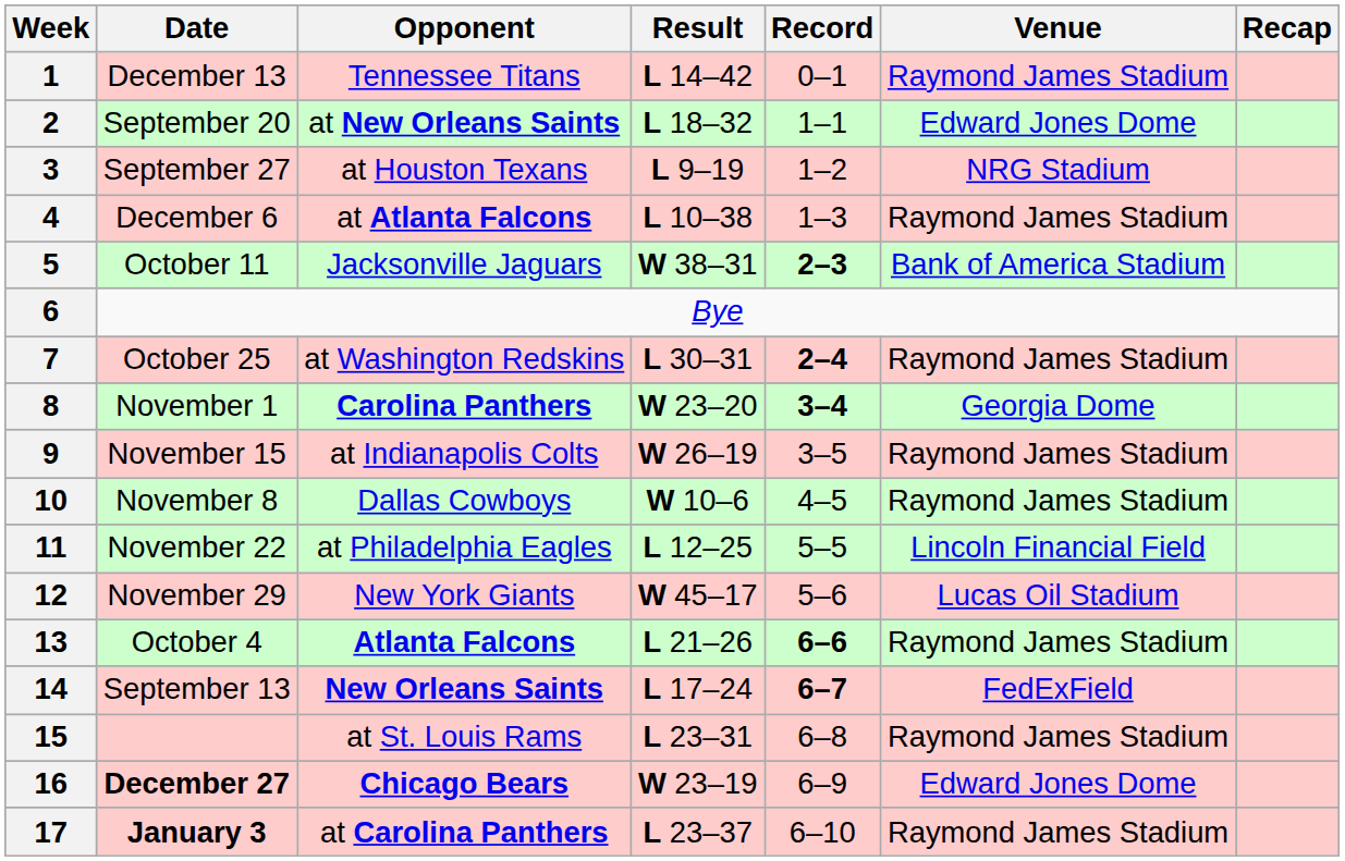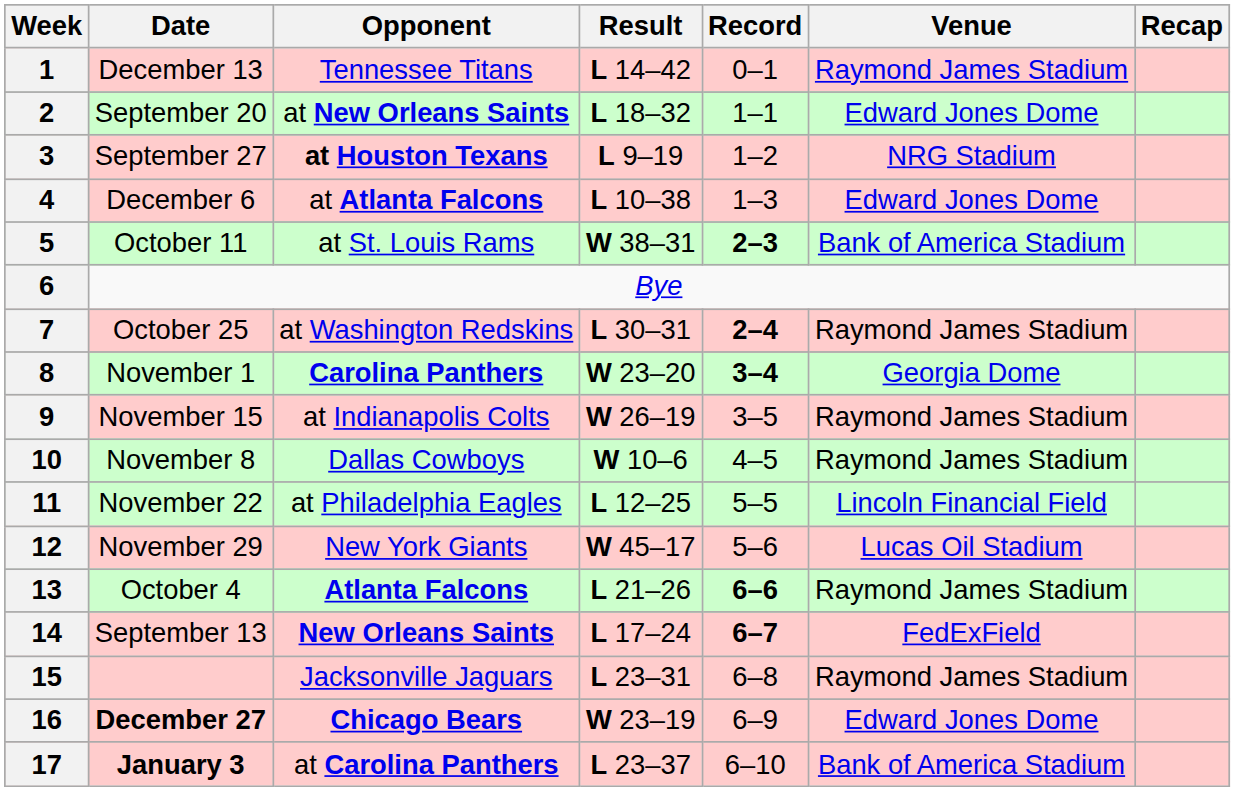 <table class="wikitable" style="text-align:center">
 <tr>
 <th>Week</th>
 <th>Date</th>
 <th>Opponent</th>
 <th>Result</th>
 <th>Record</th>
 <th>Venue</th>
 <th>Recap</th>
 </tr>
 <tr style="background:#fcc">
 <th>1</th>
 <td>December 13</td>
 <td><a href='#'>Tennessee Titans</a></td>
 <td><strong>L</strong> 14–42</td>
 <td>0–1</td>
 <td><a href='#'>Raymond James Stadium</a></td>
 <td></td>
 </tr>
 <tr style="background:#cfc">
 <th>2</th>
 <td>September 20</td>
 <td>at <strong><a href='#'>New Orleans Saints</a></strong></td>
 <td><strong>L</strong> 18–32</td>
 <td>1–1</td>
 <td><a href='#'>Edward Jones Dome</a></td>
 <td></td>
 </tr>
 <tr style="background:#fcc">
 <th>3</th>
 <td>September 27</td>
-<td>at <a href='#'>Houston Texans</a></td>
+<td><strong>at <a href='#'>Houston Texans</a></strong></td>
 <td><strong>L</strong> 9–19</td>
 <td>1–2</td>
 <td><a href='#'>NRG Stadium</a></td>
 <td></td>
 </tr>
 <tr style="background:#fcc">
 <th>4</th>
 <td>December 6</td>
 <td>at <strong><a href='#'>Atlanta Falcons</a></strong></td>
 <td><strong>L</strong> 10–38</td>
 <td>1–3</td>
-<td>Raymond James Stadium</td>
+<td><a href='#'>Edward Jones Dome</a></td>
 <td></td>
 </tr>
 <tr style="background:#cfc">
 <th>5</th>
 <td>October 11</td>
-<td><a href='#'>Jacksonville Jaguars</a></td>
+<td>at <a href='#'>St. Louis Rams</a></td>
 <td><strong>W</strong> 38–31</td>
 <td><strong>2–3</strong></td>
 <td><a href='#'>Bank of America Stadium</a></td>
 <td></td>
 </tr>
 <tr>
 <th>6</th>
 <td colspan=8><em><a href='#'>Bye</a></em></td>
 </tr>
 <tr style="background:#fcc">
 <th>7</th>
 <td>October 25</td>
 <td>at <a href='#'>Washington Redskins</a></td>
 <td><strong>L</strong> 30–31</td>
 <td><strong>2–4</strong></td>
 <td>Raymond James Stadium</td>
 <td></td>
 </tr>
 <tr style="background:#cfc">
 <th>8</th>
 <td>November 1</td>
 <td><strong><a href='#'>Carolina Panthers</a></strong></td>
 <td><strong>W</strong> 23–20 </td>
 <td><strong>3–4</strong></td>
 <td><a href='#'>Georgia Dome</a></td>
 <td></td>
 </tr>
 <tr style="background:#fcc">
 <th>9</th>
 <td>November 15</td>
 <td>at <a href='#'>Indianapolis Colts</a></td>
 <td><strong>W</strong> 26–19</td>
 <td>3–5</td>
 <td>Raymond James Stadium</td>
 <td></td>
 </tr>
 <tr style="background:#cfc">
 <th>10</th>
 <td>November 8</td>
 <td><a href='#'>Dallas Cowboys</a></td>
 <td><strong>W</strong> 10–6</td>
 <td>4–5</td>
 <td>Raymond James Stadium</td>
 <td></td>
 </tr>
 <tr style="background:#cfc">
 <th>11</th>
 <td>November 22</td>
 <td>at <a href='#'>Philadelphia Eagles</a></td>
 <td><strong>L</strong> 12–25</td>
 <td>5–5</td>
 <td><a href='#'>Lincoln Financial Field</a></td>
 <td></td>
 </tr>
 <tr style="background:#fcc">
 <th>12</th>
 <td>November 29</td>
 <td><a href='#'>New York Giants</a></td>
 <td><strong>W</strong> 45–17</td>
 <td>5–6</td>
 <td><a href='#'>Lucas Oil Stadium</a></td>
 <td></td>
 </tr>
 <tr style="background:#cfc">
 <th>13</th>
 <td>October 4</td>
 <td><strong><a href='#'>Atlanta Falcons</a></strong></td>
 <td><strong>L</strong> 21–26</td>
 <td><strong>6–6</strong></td>
 <td>Raymond James Stadium</td>
 <td></td>
 </tr>
 <tr style="background:#fcc">
 <th>14</th>
 <td>September 13</td>
 <td><strong><a href='#'>New Orleans Saints</a></strong></td>
 <td><strong>L</strong> 17–24</td>
 <td><strong>6–7</strong></td>
 <td><a href='#'>FedExField</a></td>
 <td></td>
 </tr>
 <tr style="background:#fcc">
 <th>15</th>
 <td></td>
-<td>at <a href='#'>St. Louis Rams</a></td>
+<td><a href='#'>Jacksonville Jaguars</a></td>
 <td><strong>L</strong> 23–31</td>
 <td>6–8</td>
 <td>Raymond James Stadium</td>
 <td></td>
 </tr>
 <tr style="background:#fcc">
 <th>16</th>
 <td><strong>December 27</strong></td>
 <td><strong><a href='#'>Chicago Bears</a></strong></td>
 <td><strong>W</strong> 23–19</td>
 <td>6–9</td>
 <td><a href='#'>Edward Jones Dome</a></td>
 <td></td>
 </tr>
 <tr style="background:#fcc">
 <th>17</th>
 <td><strong>January 3</strong></td>
 <td>at <strong><a href='#'>Carolina Panthers</a></strong></td>
 <td><strong>L</strong> 23–37</td>
 <td>6–10</td>
-<td>Raymond James Stadium</td>
+<td><a href='#'>Bank of America Stadium</a></td>
 <td></td>
 </tr>
 </table>
